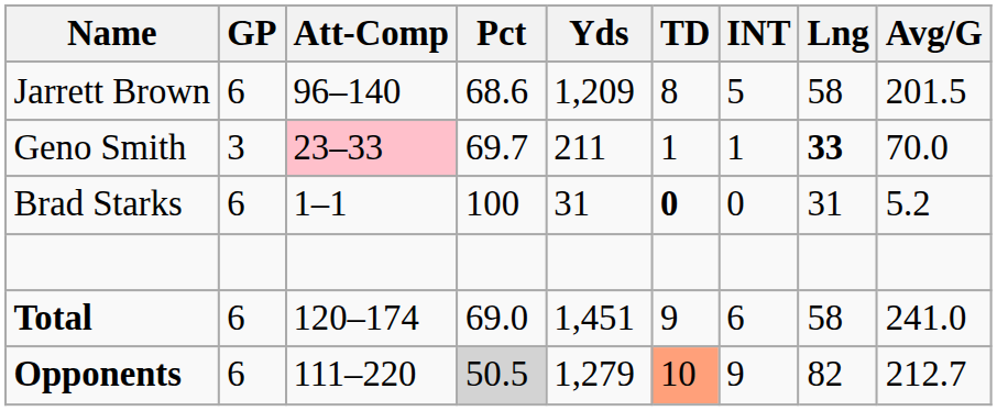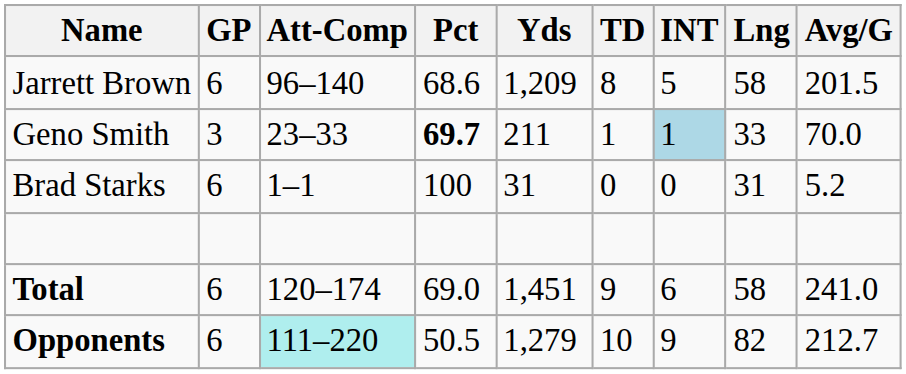 <table class="wikitable" style="white-space:nowrap;">
 <tr>
 <th>Name</th>
 <th>GP</th>
 <th>Att-Comp</th>
 <th>Pct</th>
 <th>Yds</th>
 <th>TD</th>
 <th>INT</th>
 <th>Lng</th>
 <th>Avg/G</th>
 </tr>
 <tr>
 <td>Jarrett Brown</td>
 <td>6 </td>
 <td>96–140 </td>
 <td>68.6 </td>
 <td>1,209 </td>
 <td>8 </td>
 <td>5</td>
 <td>58 </td>
 <td>201.5 </td>
 </tr>
 <tr>
 <td>Geno Smith</td>
 <td>3 </td>
-<td style="background: pink;">23–33 </td>
-<td>69.7 </td>
+<td>23–33 </td>
+<td><strong>69.7 </strong></td>
 <td>211 </td>
 <td>1 </td>
-<td>1</td>
-<td><strong>33 </strong></td>
+<td style="background: lightblue;">1</td>
+<td>33 </td>
 <td>70.0 </td>
 </tr>
 <tr>
 <td>Brad Starks</td>
 <td>6 </td>
 <td>1–1 </td>
 <td>100 </td>
 <td>31 </td>
-<td><strong>0 </strong></td>
+<td>0 </td>
 <td>0</td>
 <td>31 </td>
 <td>5.2 </td>
 </tr>
 <tr>
 <td> </td>
 <td> </td>
 <td> </td>
 <td> </td>
 <td> </td>
 <td> </td>
 <td> </td>
 <td> </td>
 </tr>
 <tr>
 <td><strong>Total</strong></td>
 <td>6 </td>
 <td>120–174 </td>
 <td>69.0 </td>
 <td>1,451 </td>
 <td>9 </td>
 <td>6 </td>
 <td>58 </td>
 <td>241.0 </td>
 </tr>
 <tr>
 <td><strong>Opponents</strong></td>
 <td>6 </td>
-<td>111–220 </td>
-<td style="background: lightgrey;">50.5 </td>
+<td style="background: paleturquoise;">111–220 </td>
+<td>50.5 </td>
 <td>1,279 </td>
-<td style="background: lightsalmon;">10 </td>
+<td>10 </td>
 <td>9 </td>
 <td>82 </td>
 <td>212.7 </td>
 </tr>
 </table>
